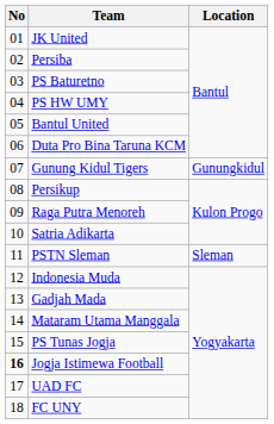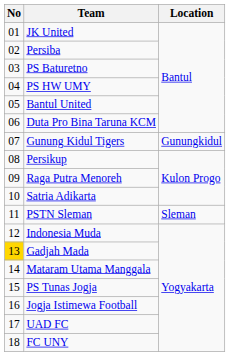 <table class="wikitable sortable">
 <tr>
 <th>No</th>
 <th>Team</th>
 <th>Location</th>
 </tr>
 <tr>
 <td align=center>01</td>
 <td><a href='#'>JK United</a></td>
 <td rowspan=6><a href='#'>Bantul</a></td>
 </tr>
 <tr>
 <td align=center>02</td>
 <td><a href='#'>Persiba</a></td>
 </tr>
 <tr>
 <td align=center>03</td>
 <td><a href='#'>PS Baturetno</a></td>
 </tr>
 <tr>
 <td align=center>04</td>
 <td><a href='#'>PS HW UMY</a></td>
 </tr>
 <tr>
 <td align=center>05</td>
 <td><a href='#'>Bantul United</a></td>
 </tr>
 <tr>
 <td align=center>06</td>
 <td><a href='#'>Duta Pro Bina Taruna KCM</a></td>
 </tr>
 <tr>
 <td align=center>07</td>
 <td><a href='#'>Gunung Kidul Tigers</a></td>
 <td><a href='#'>Gunungkidul</a></td>
 </tr>
 <tr>
 <td align=center>08</td>
 <td><a href='#'>Persikup</a></td>
 <td rowspan=3><a href='#'>Kulon Progo</a></td>
 </tr>
 <tr>
 <td align=center>09</td>
 <td><a href='#'>Raga Putra Menoreh</a></td>
 </tr>
 <tr>
 <td align=center>10</td>
 <td><a href='#'>Satria Adikarta</a></td>
 </tr>
 <tr>
 <td align=center>11</td>
 <td><a href='#'>PSTN Sleman</a></td>
 <td><a href='#'>Sleman</a></td>
 </tr>
 <tr>
 <td align=center>12</td>
 <td><a href='#'>Indonesia Muda</a></td>
 <td rowspan=7><a href='#'>Yogyakarta</a></td>
 </tr>
 <tr>
-<td align=center>13</td>
+<td align=center style="background: gold;">13</td>
 <td><a href='#'>Gadjah Mada</a></td>
 </tr>
 <tr>
 <td align=center>14</td>
 <td><a href='#'>Mataram Utama Manggala</a></td>
 </tr>
 <tr>
 <td align=center>15</td>
 <td><a href='#'>PS Tunas Jogja</a></td>
 </tr>
 <tr>
-<td align=center><strong>16</strong></td>
+<td align=center>16</td>
 <td><a href='#'>Jogja Istimewa Football</a></td>
 </tr>
 <tr>
 <td align=center>17</td>
 <td><a href='#'>UAD FC</a></td>
 </tr>
 <tr>
 <td align=center>18</td>
 <td><a href='#'>FC UNY</a></td>
 </tr>
 </table>
